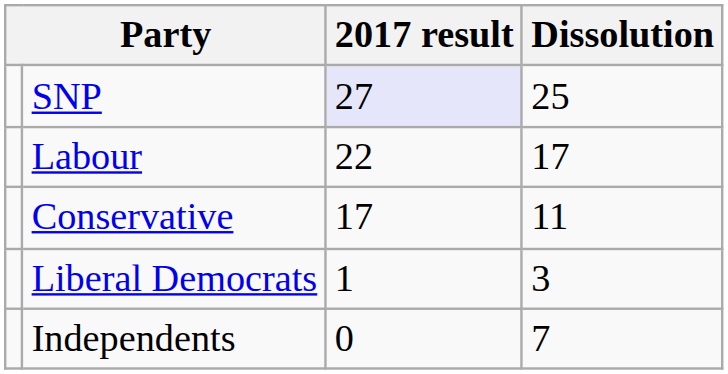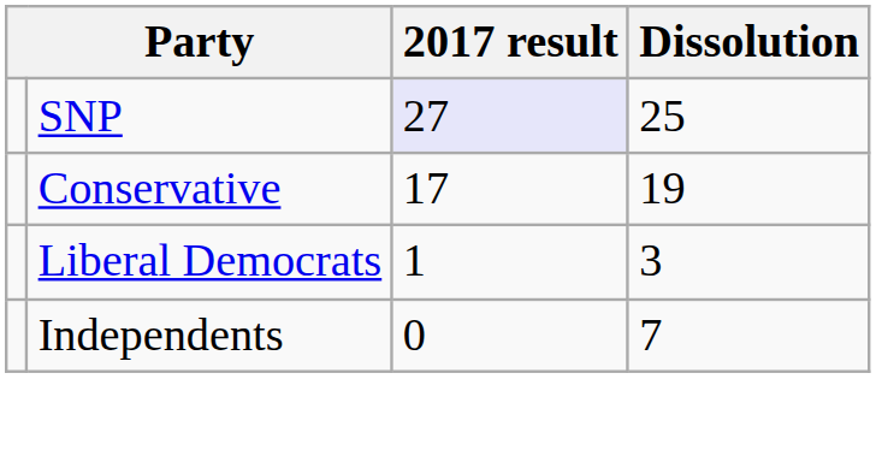 <table class="wikitable">
 <tr>
 <th scope="col" colspan="2">Party</th>
 <th scope="col">2017 result</th>
 <th scope="col">Dissolution</th>
 </tr>
 <tr>
 <td style="background:"></td>
 <td scope="row"><a href='#'>SNP</a></td>
 <td style="background: lavender;">27</td>
 <td>25</td>
 </tr>
 <tr>
 <td style="background:"></td>
-<td scope="row"><a href='#'>Labour</a></td>
-<td>22</td>
-<td>17</td>
-</tr>
-<tr>
-<td style="background:"></td>
 <td scope="row"><a href='#'>Conservative</a></td>
 <td>17</td>
-<td>11</td>
+<td>19</td>
 </tr>
 <tr>
 <td style="background:"></td>
 <td scope="row"><a href='#'>Liberal Democrats</a></td>
 <td>1</td>
 <td>3</td>
 </tr>
 <tr>
 <td style="background:"></td>
 <td scope="row">Independents</td>
 <td>0</td>
 <td>7</td>
 </tr>
 </table>
